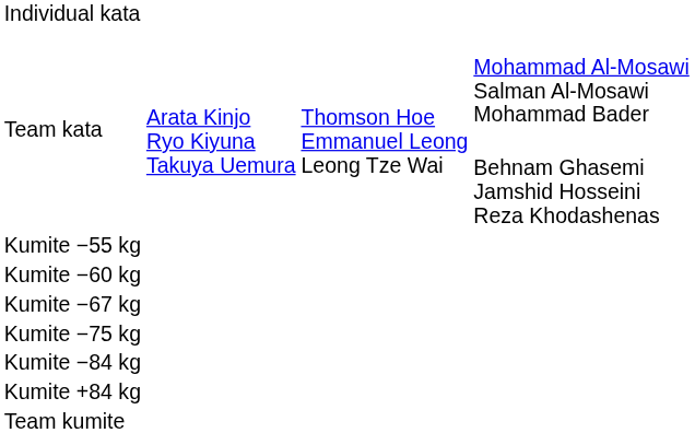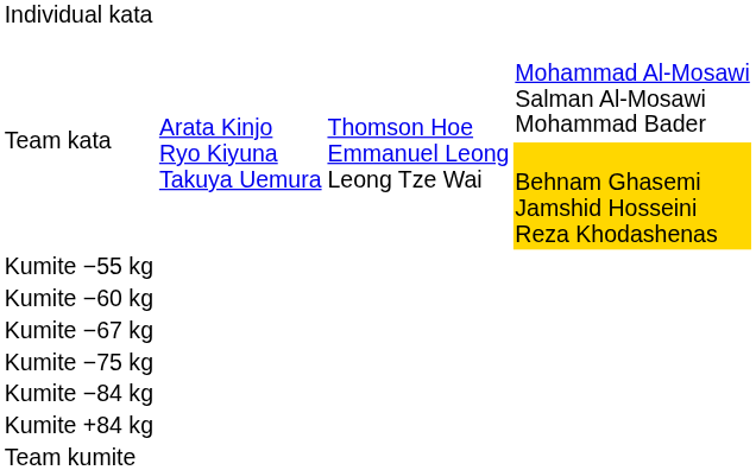 <table>
 <tr>
 <td rowspan=2>Individual kata</td>
 <td rowspan=2></td>
 <td rowspan=2></td>
 <td></td>
 </tr>
 <tr>
 <td></td>
 </tr>
 <tr>
 <td rowspan=2>Team kata</td>
 <td rowspan=2><br><a href='#'>Arata Kinjo</a><br><a href='#'>Ryo Kiyuna</a><br><a href='#'>Takuya Uemura</a></td>
 <td rowspan=2><br><a href='#'>Thomson Hoe</a><br><a href='#'>Emmanuel Leong</a><br>Leong Tze Wai</td>
 <td><br><a href='#'>Mohammad Al-Mosawi</a><br>Salman Al-Mosawi<br>Mohammad Bader</td>
 </tr>
 <tr>
-<td><br>Behnam Ghasemi<br>Jamshid Hosseini<br>Reza Khodashenas</td>
+<td style="background: gold;"><br>Behnam Ghasemi<br>Jamshid Hosseini<br>Reza Khodashenas</td>
 </tr>
 <tr>
 <td rowspan=2>Kumite −55 kg</td>
 <td rowspan=2></td>
 <td rowspan=2></td>
 <td></td>
 </tr>
 <tr>
 <td></td>
 </tr>
 <tr>
 <td rowspan=2>Kumite −60 kg</td>
 <td rowspan=2></td>
 <td rowspan=2></td>
 <td></td>
 </tr>
 <tr>
 <td></td>
 </tr>
 <tr>
 <td rowspan=2>Kumite −67 kg</td>
 <td rowspan=2></td>
 <td rowspan=2></td>
 <td></td>
 </tr>
 <tr>
 <td></td>
 </tr>
 <tr>
 <td rowspan=2>Kumite −75 kg</td>
 <td rowspan=2></td>
 <td rowspan=2></td>
 <td></td>
 </tr>
 <tr>
 <td></td>
 </tr>
 <tr>
 <td rowspan=2>Kumite −84 kg</td>
 <td rowspan=2></td>
 <td rowspan=2></td>
 <td></td>
 </tr>
 <tr>
 <td></td>
 </tr>
 <tr>
 <td rowspan=2>Kumite +84 kg</td>
 <td rowspan=2></td>
 <td rowspan=2></td>
 <td></td>
 </tr>
 <tr>
 <td></td>
 </tr>
 <tr>
 <td rowspan=2>Team kumite</td>
 <td rowspan=2></td>
 <td rowspan=2></td>
 <td></td>
 </tr>
 <tr>
 <td></td>
 </tr>
 </table>
